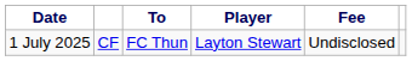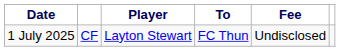 <table class="wikitable plainrowheaders sortable">
 <tr>
 <th style="background-color:#ffffff;color:#00005a; ">Date</th>
 <th style="background-color:#ffffff;color:#00005a; "></th>
+<th style="background-color:#ffffff;color:#00005a; ">Player</th>
 <th style="background-color:#ffffff;color:#00005a; ">To</th>
-<th style="background-color:#ffffff;color:#00005a; ">Player</th>
 <th style="background-color:#ffffff;color:#00005a; ">Fee</th>
 <th style="background-color:#ffffff;color:#00005a; "></th>
 </tr>
 <tr>
 <td>1 July 2025</td>
 <td><a href='#'>CF</a></td>
+<td> <a href='#'>Layton Stewart</a></td>
 <td> <a href='#'>FC Thun</a></td>
-<td> <a href='#'>Layton Stewart</a></td>
 <td>Undisclosed</td>
 <td></td>
 </tr>
 </table>
